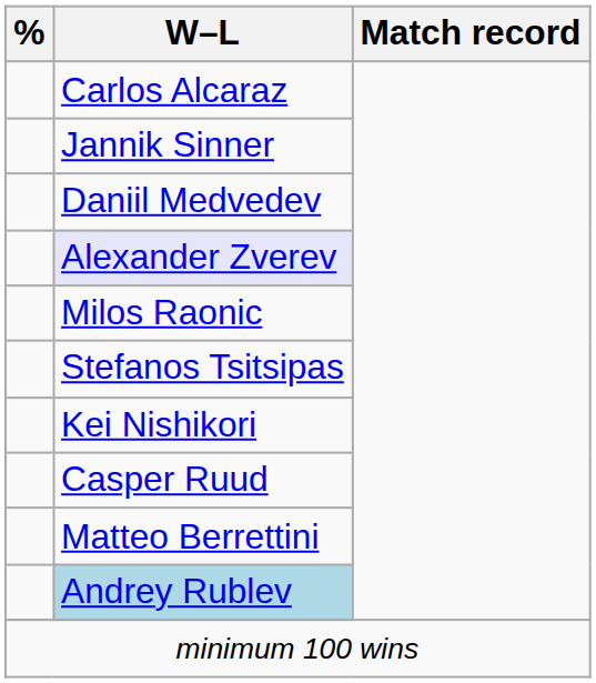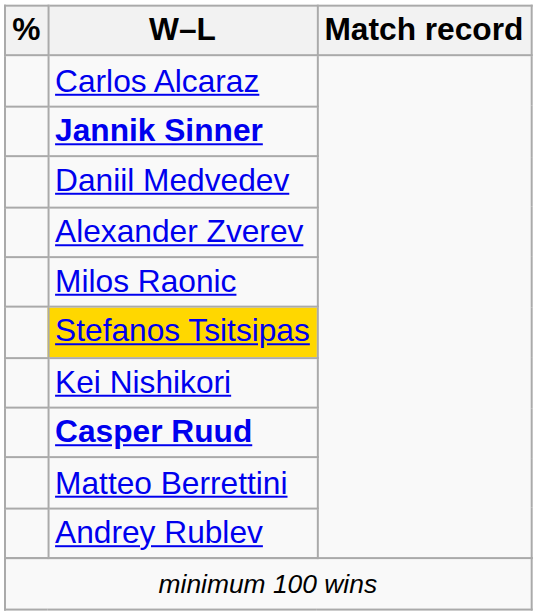 <table class="wikitable" style="display: inline-table;">
 <tr>
 <th>%</th>
 <th>W–L</th>
 <th>Match record<br></th>
 </tr>
 <tr>
 <td></td>
 <td> <a href='#'>Carlos Alcaraz</a></td>
 </tr>
 <tr>
 <td></td>
-<td> <a href='#'>Jannik Sinner</a></td>
+<td><strong> <a href='#'>Jannik Sinner</a></strong></td>
 </tr>
 <tr>
 <td></td>
 <td> <a href='#'>Daniil Medvedev</a></td>
 </tr>
 <tr>
 <td></td>
-<td style="background: lavender;"> <a href='#'>Alexander Zverev</a></td>
+<td> <a href='#'>Alexander Zverev</a></td>
 </tr>
 <tr>
 <td></td>
 <td> <a href='#'>Milos Raonic</a></td>
 </tr>
 <tr>
 <td></td>
-<td> <a href='#'>Stefanos Tsitsipas</a></td>
+<td style="background: gold;"> <a href='#'>Stefanos Tsitsipas</a></td>
 </tr>
 <tr>
 <td></td>
 <td> <a href='#'>Kei Nishikori</a></td>
 </tr>
 <tr>
 <td></td>
-<td> <a href='#'>Casper Ruud</a></td>
+<td><strong> <a href='#'>Casper Ruud</a></strong></td>
 </tr>
 <tr>
 <td></td>
 <td> <a href='#'>Matteo Berrettini</a></td>
 </tr>
 <tr>
 <td></td>
-<td style="background: lightblue;"> <a href='#'>Andrey Rublev</a></td>
+<td> <a href='#'>Andrey Rublev</a></td>
 </tr>
 <tr>
 </tr>
 <tr>
 <td colspan=3 style="text-align:center;"><small><em>minimum 100 wins</em></small></td>
 </tr>
 </table>
